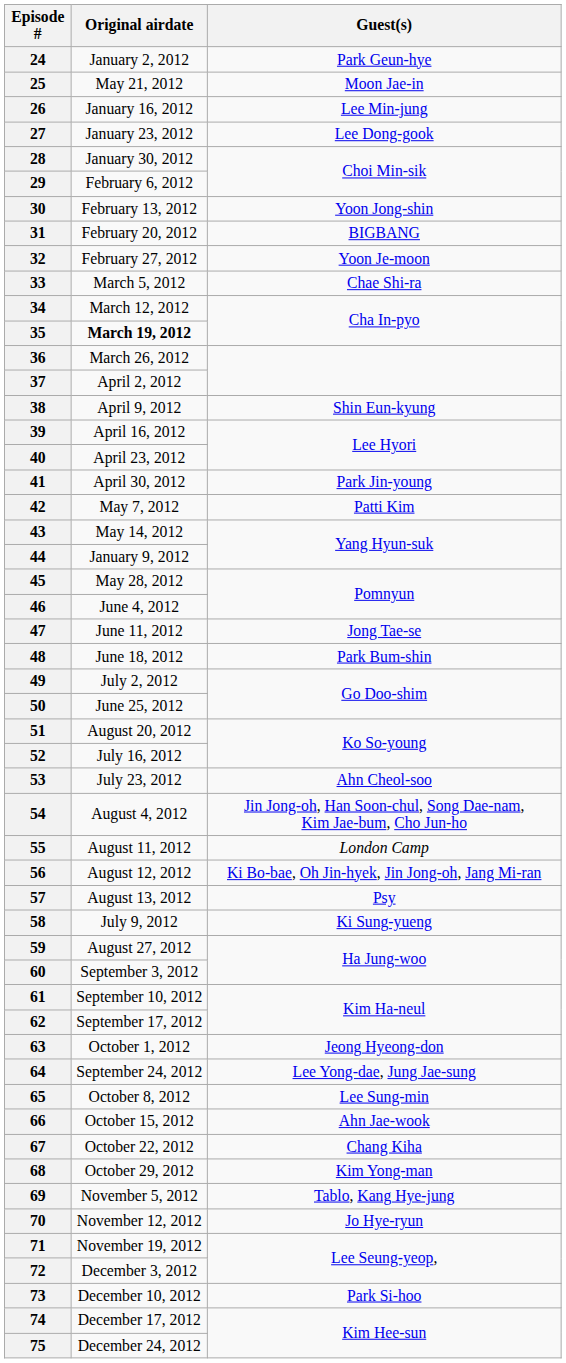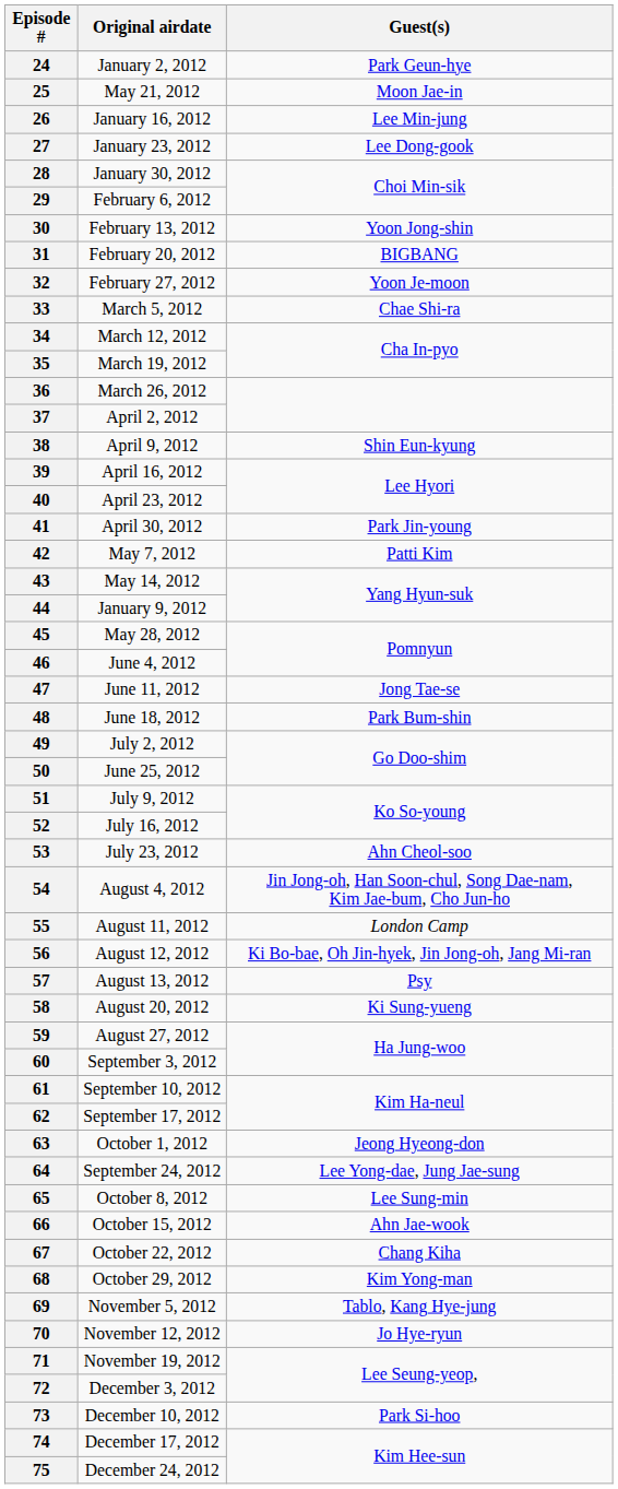 <table class="wikitable" style="font-size:100%; text-align:center; width:45%;">
 <tr>
 <th width="1%">Episode #</th>
 <th width="10%">Original airdate</th>
 <th width="30%">Guest(s)</th>
 </tr>
 <tr>
 <th>24</th>
 <td>January 2, 2012</td>
 <td><a href='#'>Park Geun-hye</a></td>
 </tr>
 <tr>
 <th>25</th>
 <td>May 21, 2012</td>
 <td><a href='#'>Moon Jae-in</a></td>
 </tr>
 <tr>
 <th>26</th>
 <td>January 16, 2012</td>
 <td><a href='#'>Lee Min-jung</a></td>
 </tr>
 <tr>
 <th>27</th>
 <td>January 23, 2012</td>
 <td><a href='#'>Lee Dong-gook</a></td>
 </tr>
 <tr>
 <th>28</th>
 <td>January 30, 2012</td>
 <td rowspan="2"><a href='#'>Choi Min-sik</a></td>
 </tr>
 <tr>
 <th>29</th>
 <td>February 6, 2012</td>
 </tr>
 <tr>
 <th>30</th>
 <td>February 13, 2012</td>
 <td><a href='#'>Yoon Jong-shin</a></td>
 </tr>
 <tr>
 <th>31</th>
 <td>February 20, 2012</td>
 <td><a href='#'>BIGBANG</a></td>
 </tr>
 <tr>
 <th>32</th>
 <td>February 27, 2012</td>
 <td><a href='#'>Yoon Je-moon</a></td>
 </tr>
 <tr>
 <th>33</th>
 <td>March 5, 2012</td>
 <td><a href='#'>Chae Shi-ra</a></td>
 </tr>
 <tr>
 <th>34</th>
 <td>March 12, 2012</td>
 <td rowspan="2"><a href='#'>Cha In-pyo</a></td>
 </tr>
 <tr>
 <th>35</th>
-<td><strong>March 19, 2012</strong></td>
+<td>March 19, 2012</td>
 </tr>
 <tr>
 <th>36</th>
 <td>March 26, 2012</td>
 <td rowspan="2"></td>
 </tr>
 <tr>
 <th>37</th>
 <td>April 2, 2012</td>
 </tr>
 <tr>
 <th>38</th>
 <td>April 9, 2012</td>
 <td><a href='#'>Shin Eun-kyung</a></td>
 </tr>
 <tr>
 <th>39</th>
 <td>April 16, 2012</td>
 <td rowspan="2"><a href='#'>Lee Hyori</a></td>
 </tr>
 <tr>
 <th>40</th>
 <td>April 23, 2012</td>
 </tr>
 <tr>
 <th>41</th>
 <td>April 30, 2012</td>
 <td><a href='#'>Park Jin-young</a></td>
 </tr>
 <tr>
 <th>42</th>
 <td>May 7, 2012</td>
 <td><a href='#'>Patti Kim</a></td>
 </tr>
 <tr>
 <th>43</th>
 <td>May 14, 2012</td>
 <td rowspan="2"><a href='#'>Yang Hyun-suk</a></td>
 </tr>
 <tr>
 <th>44</th>
 <td>January 9, 2012</td>
 </tr>
 <tr>
 <th>45</th>
 <td>May 28, 2012</td>
 <td rowspan="2"><a href='#'>Pomnyun</a></td>
 </tr>
 <tr>
 <th>46</th>
 <td>June 4, 2012</td>
 </tr>
 <tr>
 <th>47</th>
 <td>June 11, 2012</td>
 <td><a href='#'>Jong Tae-se</a></td>
 </tr>
 <tr>
 <th>48</th>
 <td>June 18, 2012</td>
 <td><a href='#'>Park Bum-shin</a></td>
 </tr>
 <tr>
 <th>49</th>
 <td>July 2, 2012</td>
 <td rowspan="2"><a href='#'>Go Doo-shim</a></td>
 </tr>
 <tr>
 <th>50</th>
 <td>June 25, 2012</td>
 </tr>
 <tr>
 <th>51</th>
-<td>August 20, 2012</td>
+<td>July 9, 2012</td>
 <td rowspan="2"><a href='#'>Ko So-young</a></td>
 </tr>
 <tr>
 <th>52</th>
 <td>July 16, 2012</td>
 </tr>
 <tr>
 <th>53</th>
 <td>July 23, 2012</td>
 <td><a href='#'>Ahn Cheol-soo</a></td>
 </tr>
 <tr>
 <th>54</th>
 <td>August 4, 2012</td>
 <td><a href='#'>Jin Jong-oh</a>, <a href='#'>Han Soon-chul</a>, <a href='#'>Song Dae-nam</a>,<br><a href='#'>Kim Jae-bum</a>, <a href='#'>Cho Jun-ho</a></td>
 </tr>
 <tr>
 <th>55</th>
 <td>August 11, 2012</td>
 <td><em>London Camp</em></td>
 </tr>
 <tr>
 <th>56</th>
 <td>August 12, 2012</td>
 <td><a href='#'>Ki Bo-bae</a>, <a href='#'>Oh Jin-hyek</a>, <a href='#'>Jin Jong-oh</a>, <a href='#'>Jang Mi-ran</a></td>
 </tr>
 <tr>
 <th>57</th>
 <td>August 13, 2012</td>
 <td><a href='#'>Psy</a></td>
 </tr>
 <tr>
 <th>58</th>
-<td>July 9, 2012</td>
+<td>August 20, 2012</td>
 <td rowspan="2"><a href='#'>Ki Sung-yueng</a></td>
 </tr>
 <tr>
 <th rowspan="2">59</th>
 <td rowspan="2">August 27, 2012</td>
 </tr>
 <tr>
 <td rowspan="2"><a href='#'>Ha Jung-woo</a></td>
 </tr>
 <tr>
 <th>60</th>
 <td>September 3, 2012</td>
 </tr>
 <tr>
 <th>61</th>
 <td>September 10, 2012</td>
 <td rowspan="2"><a href='#'>Kim Ha-neul</a></td>
 </tr>
 <tr>
 <th>62</th>
 <td>September 17, 2012</td>
 </tr>
 <tr>
 <th>63</th>
 <td>October 1, 2012</td>
 <td><a href='#'>Jeong Hyeong-don</a></td>
 </tr>
 <tr>
 <th>64</th>
 <td>September 24, 2012</td>
 <td><a href='#'>Lee Yong-dae</a>, <a href='#'>Jung Jae-sung</a></td>
 </tr>
 <tr>
 <th>65</th>
 <td>October 8, 2012</td>
 <td><a href='#'>Lee Sung-min</a></td>
 </tr>
 <tr>
 <th>66</th>
 <td>October 15, 2012</td>
 <td><a href='#'>Ahn Jae-wook</a></td>
 </tr>
 <tr>
 <th>67</th>
 <td>October 22, 2012</td>
 <td><a href='#'>Chang Kiha</a></td>
 </tr>
 <tr>
 <th>68</th>
 <td>October 29, 2012</td>
 <td><a href='#'>Kim Yong-man</a></td>
 </tr>
 <tr>
 <th>69</th>
 <td>November 5, 2012</td>
 <td><a href='#'>Tablo</a>, <a href='#'>Kang Hye-jung</a></td>
 </tr>
 <tr>
 <th>70</th>
 <td>November 12, 2012</td>
 <td><a href='#'>Jo Hye-ryun</a></td>
 </tr>
 <tr>
 <th>71</th>
 <td>November 19, 2012</td>
 <td rowspan=2><a href='#'>Lee Seung-yeop</a>, </td>
 </tr>
 <tr>
 <th>72</th>
 <td>December 3, 2012</td>
 </tr>
 <tr>
 <th>73</th>
 <td>December 10, 2012</td>
 <td><a href='#'>Park Si-hoo</a></td>
 </tr>
 <tr>
 <th>74</th>
 <td>December 17, 2012</td>
 <td rowspan="2"><a href='#'>Kim Hee-sun</a></td>
 </tr>
 <tr>
 <th>75</th>
 <td>December 24, 2012</td>
 </tr>
 </table>
